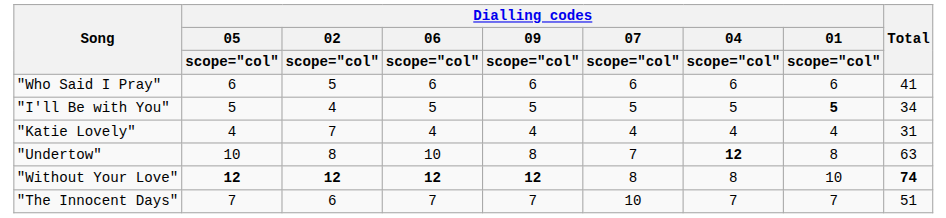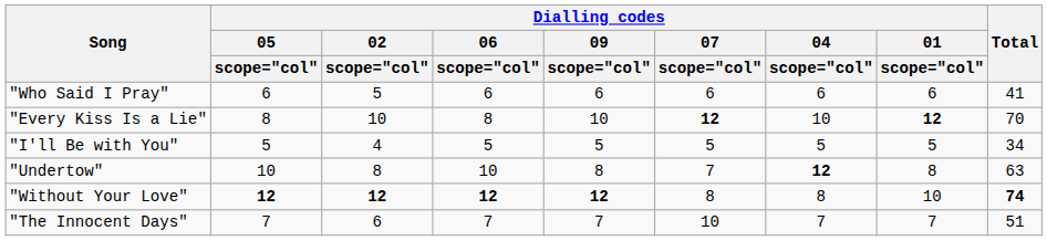 <table class="wikitable" style="margin: 1em auto 1em auto; text-align:center;">
 <tr>
 <th scope="col" rowspan="3">Song</th>
 <th scope="col" colspan="7"><a href='#'>Dialling codes</a></th>
 <th scope="col" rowspan="3">Total</th>
 </tr>
 <tr>
 <th>05</th>
 <th>02</th>
 <th>06</th>
 <th>09</th>
 <th>07</th>
 <th>04</th>
 <th>01</th>
 </tr>
 <tr>
 <th>scope="col" </th>
 <th>scope="col" </th>
 <th>scope="col" </th>
 <th>scope="col" </th>
 <th>scope="col" </th>
 <th>scope="col" </th>
 <th>scope="col" </th>
 </tr>
 <tr>
 <td align="left">"Who Said I Pray"</td>
 <td>6</td>
 <td>5</td>
 <td>6</td>
 <td>6</td>
 <td>6</td>
 <td>6</td>
 <td>6</td>
 <td>41</td>
 </tr>
 <tr>
+<td align="left">"Every Kiss Is a Lie"</td>
+<td>8</td>
+<td>10</td>
+<td>8</td>
+<td>10</td>
+<td><strong>12</strong></td>
+<td>10</td>
+<td><strong>12</strong></td>
+<td>70</td>
+</tr>
+<tr>
 <td align="left">"I'll Be with You"</td>
 <td>5</td>
 <td>4</td>
 <td>5</td>
 <td>5</td>
 <td>5</td>
 <td>5</td>
-<td><strong>5</strong></td>
+<td>5</td>
 <td>34</td>
-</tr>
-<tr>
-<td align="left">"Katie Lovely"</td>
-<td>4</td>
-<td>7</td>
-<td>4</td>
-<td>4</td>
-<td>4</td>
-<td>4</td>
-<td>4</td>
-<td>31</td>
 </tr>
 <tr>
 <td align="left">"Undertow"</td>
 <td>10</td>
 <td>8</td>
 <td>10</td>
 <td>8</td>
 <td>7</td>
 <td><strong>12</strong></td>
 <td>8</td>
 <td>63</td>
 </tr>
 <tr>
 <td align="left">"Without Your Love"</td>
 <td><strong>12</strong></td>
 <td><strong>12</strong></td>
 <td><strong>12</strong></td>
 <td><strong>12</strong></td>
 <td>8</td>
 <td>8</td>
 <td>10</td>
 <td><strong>74</strong></td>
 </tr>
 <tr>
 <td align="left">"The Innocent Days"</td>
 <td>7</td>
 <td>6</td>
 <td>7</td>
 <td>7</td>
 <td>10</td>
 <td>7</td>
 <td>7</td>
 <td>51</td>
 </tr>
 </table>
